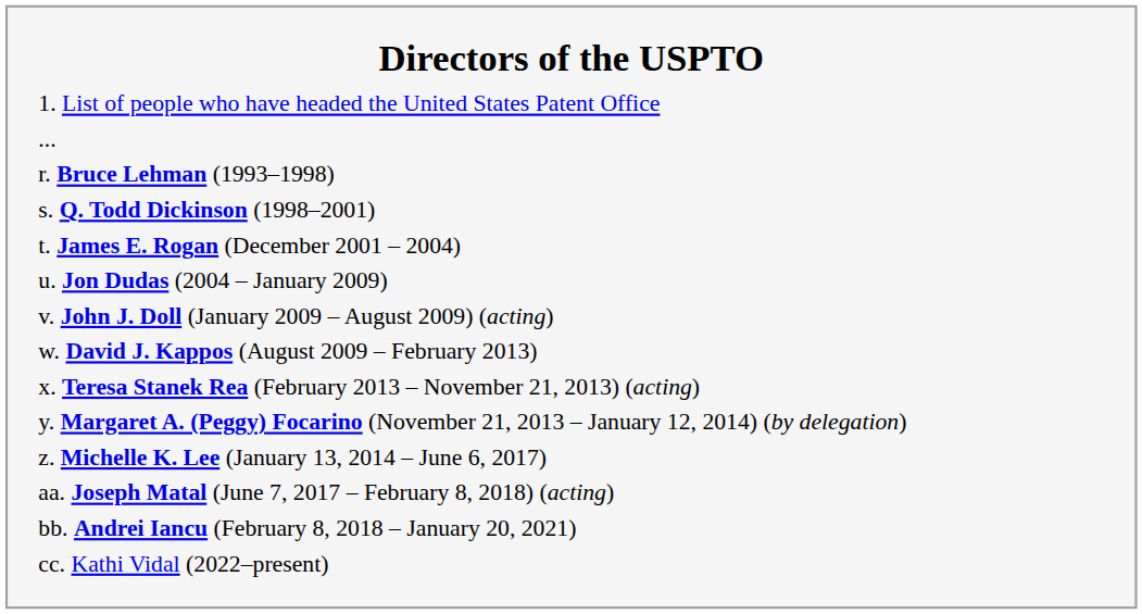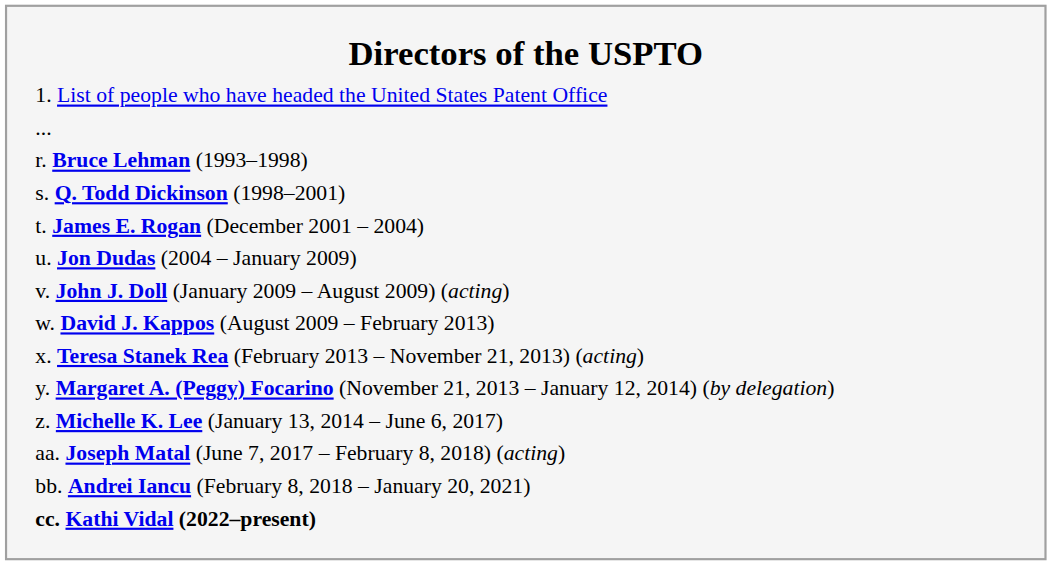 <table style="float:right; margin:1em; width:30em; border:1px solid #a0a0a0; padding:10px; background:#f5f5f5; text-align:left;">
 <tr style="text-align:center;">
 <td><strong>Directors of the USPTO</strong></td>
 </tr>
 <tr style="text-align:left; font-size:x-small;">
 <td>1. <a href='#'>List of people who have headed the United States Patent Office</a></td>
 </tr>
 <tr style="text-align:left; font-size:x-small;">
 <td>...</td>
 </tr>
 <tr style="text-align:left; font-size:x-small;">
 <td>r. <strong><a href='#'>Bruce Lehman</a></strong> (1993–1998)</td>
 </tr>
 <tr style="text-align:left; font-size:x-small;">
 <td>s. <strong><a href='#'>Q. Todd Dickinson</a></strong> (1998–2001)</td>
 </tr>
 <tr style="text-align:left; font-size:x-small;">
 <td>t. <strong><a href='#'>James E. Rogan</a></strong> (December 2001 – 2004)</td>
 </tr>
 <tr style="text-align:left; font-size:x-small;">
 <td>u. <strong><a href='#'>Jon Dudas</a></strong> (2004 – January 2009)</td>
 </tr>
 <tr style="text-align:left; font-size:x-small;">
 <td>v. <strong><a href='#'>John J. Doll</a></strong> (January 2009 – August 2009) (<em>acting</em>)</td>
 </tr>
 <tr style="text-align:left; font-size:x-small;">
 <td>w. <strong><a href='#'>David J. Kappos</a></strong> (August 2009 – February 2013)</td>
 </tr>
 <tr style="text-align:left; font-size:x-small;">
 <td>x. <strong><a href='#'>Teresa Stanek Rea</a></strong> (February 2013 – November 21, 2013) (<em>acting</em>)</td>
 </tr>
 <tr style="text-align:left; font-size:x-small;">
 <td>y. <strong><a href='#'>Margaret A. (Peggy) Focarino</a></strong> (November 21, 2013 – January 12, 2014) (<em>by delegation</em>)</td>
 </tr>
 <tr style="text-align:left; font-size:x-small;">
 <td>z. <strong><a href='#'>Michelle K. Lee</a></strong> (January 13, 2014 – June 6, 2017)</td>
 </tr>
 <tr style="text-align:left; font-size:x-small;">
 <td>aa. <strong><a href='#'>Joseph Matal</a></strong> (June 7, 2017 – February 8, 2018) (<em>acting</em>)</td>
 </tr>
 <tr style="text-align:left; font-size:x-small;">
 <td>bb. <strong><a href='#'>Andrei Iancu</a></strong> (February 8, 2018 – January 20, 2021)</td>
 </tr>
 <tr style="text-align:left; font-size:x-small;">
-<td>cc. <a href='#'>Kathi Vidal</a> (2022–present)</td>
+<td><strong>cc. <a href='#'>Kathi Vidal</a> (2022–present)</strong></td>
 </tr>
 </table>
